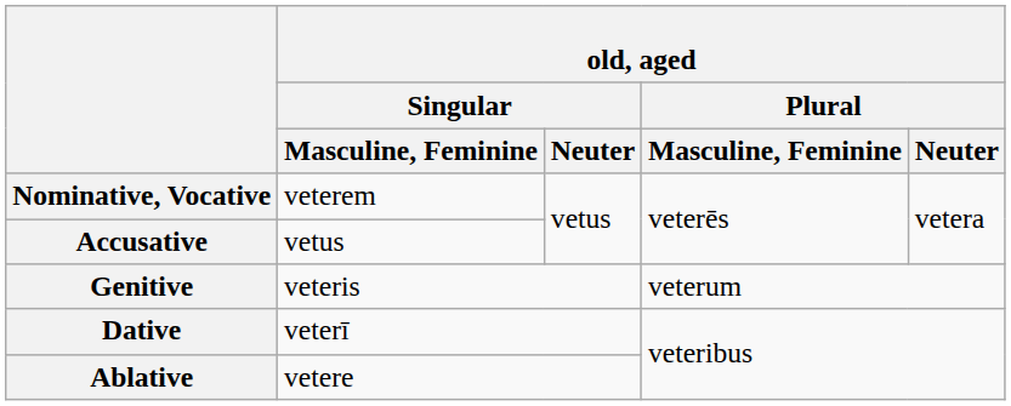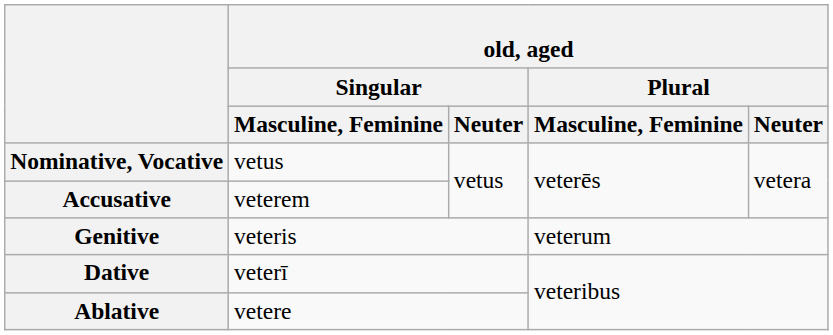 <table class="wikitable">
 <tr>
 <th rowspan="3"></th>
 <th colspan="4"><br> old, aged</th>
 </tr>
 <tr>
 <th colspan="2">Singular</th>
 <th colspan="2">Plural</th>
 </tr>
 <tr>
 <th>Masculine, Feminine</th>
 <th>Neuter</th>
 <th>Masculine, Feminine</th>
 <th>Neuter</th>
 </tr>
 <tr>
 <th>Nominative, Vocative</th>
-<td>veterem</td>
+<td>vetus</td>
 <td rowspan="2">vetus</td>
 <td rowspan="2">veterēs</td>
 <td rowspan="2">vetera</td>
 </tr>
 <tr>
 <th>Accusative</th>
-<td>vetus</td>
+<td>veterem</td>
 </tr>
 <tr>
 <th>Genitive</th>
 <td colspan="2">veteris</td>
 <td colspan="2">veterum</td>
 </tr>
 <tr>
 <th>Dative</th>
 <td colspan="2">veterī</td>
 <td colspan="2" rowspan="2">veteribus</td>
 </tr>
 <tr>
 <th>Ablative</th>
 <td colspan="2">vetere</td>
 </tr>
 </table>
